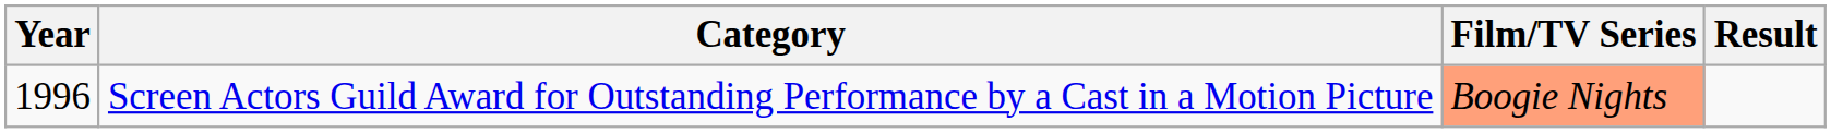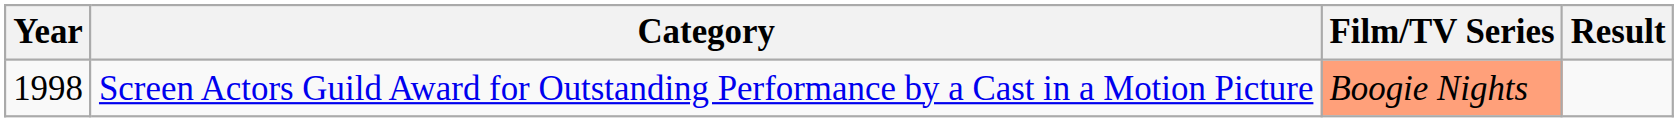 <table class="wikitable">
 <tr>
 <th>Year</th>
 <th>Category</th>
 <th>Film/TV Series</th>
 <th>Result</th>
 </tr>
 <tr>
-<td>1996</td>
+<td>1998</td>
 <td><a href='#'>Screen Actors Guild Award for Outstanding Performance by a Cast in a Motion Picture</a></td>
 <td style="background: lightsalmon;"><em>Boogie Nights</em></td>
 <td></td>
 </tr>
 </table>
